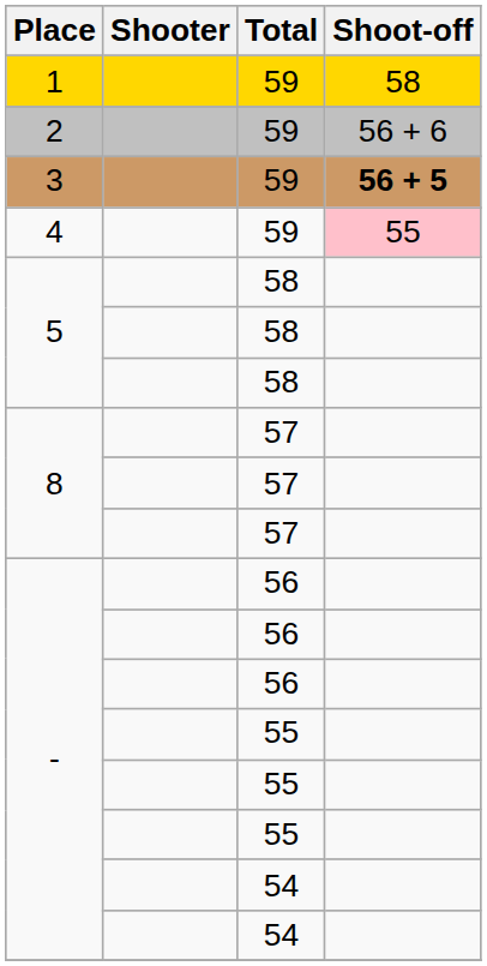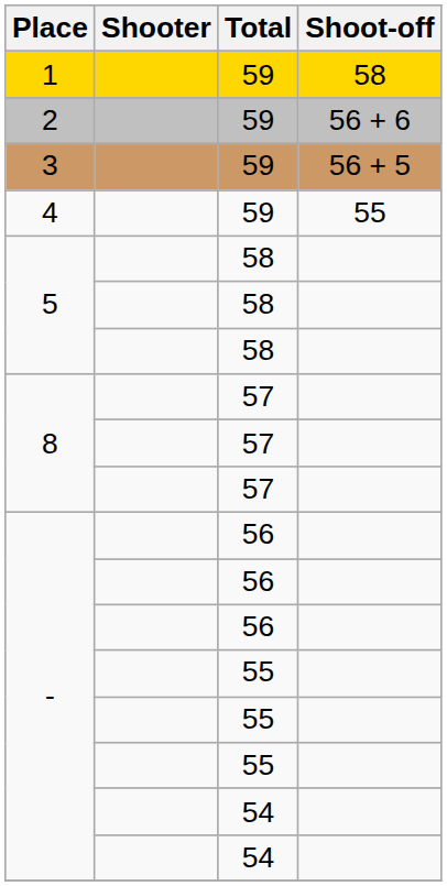 <table class=wikitable style="text-align:center">
 <tr>
 <th>Place</th>
 <th>Shooter</th>
 <th>Total</th>
 <th>Shoot-off</th>
 </tr>
 <tr align=center bgcolor=gold>
 <td>1</td>
 <td align=left></td>
 <td>59</td>
 <td>58</td>
 </tr>
 <tr align=center bgcolor=silver>
 <td>2</td>
 <td align=left></td>
 <td>59</td>
 <td>56 + 6</td>
 </tr>
 <tr align=center bgcolor=cc9966>
 <td>3</td>
 <td align=left></td>
 <td>59</td>
-<td><strong>56 + 5</strong></td>
+<td>56 + 5</td>
 </tr>
 <tr>
 <td>4</td>
 <td align=left></td>
 <td>59</td>
-<td style="background: pink;">55</td>
+<td>55</td>
 </tr>
 <tr>
 <td rowspan=3>5</td>
 <td align=left></td>
 <td>58</td>
 <td></td>
 </tr>
 <tr>
 <td align=left></td>
 <td>58</td>
 <td></td>
 </tr>
 <tr>
 <td align=left></td>
 <td>58</td>
 <td></td>
 </tr>
 <tr>
 <td rowspan=3>8</td>
 <td align=left></td>
 <td>57</td>
 <td></td>
 </tr>
 <tr>
 <td align=left></td>
 <td>57</td>
 <td></td>
 </tr>
 <tr>
 <td align=left></td>
 <td>57</td>
 <td></td>
 </tr>
 <tr>
 <td rowspan=8>-</td>
 <td align=left></td>
 <td>56</td>
 <td></td>
 </tr>
 <tr>
 <td align=left></td>
 <td>56</td>
 <td></td>
 </tr>
 <tr>
 <td align=left></td>
 <td>56</td>
 <td></td>
 </tr>
 <tr>
 <td align=left></td>
 <td>55</td>
 <td></td>
 </tr>
 <tr>
 <td align=left></td>
 <td>55</td>
 <td></td>
 </tr>
 <tr>
 <td align=left></td>
 <td>55</td>
 <td></td>
 </tr>
 <tr>
 <td align=left></td>
 <td>54</td>
 <td></td>
 </tr>
 <tr>
 <td align=left></td>
 <td>54</td>
 <td></td>
 </tr>
 <tr>
 </tr>
 </table>
